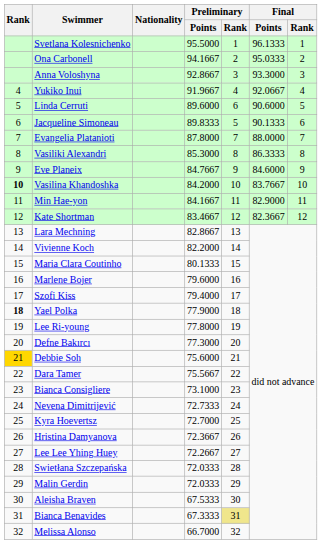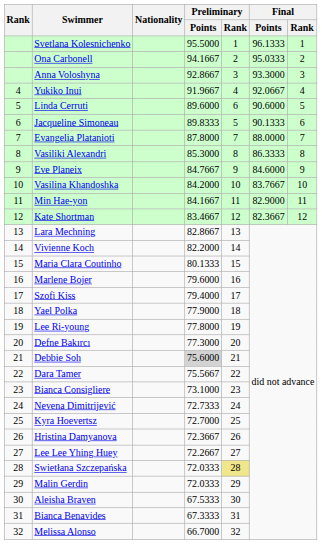 <table class="wikitable sortable" style="text-align:center">
 <tr>
 <th rowspan=2>Rank</th>
 <th rowspan=2>Swimmer</th>
 <th rowspan=2>Nationality</th>
 <th colspan=2>Preliminary</th>
 <th colspan=2>Final</th>
 </tr>
 <tr>
 <th>Points</th>
 <th>Rank</th>
 <th>Points</th>
 <th>Rank</th>
 </tr>
 <tr bgcolor=ccffcc>
 <td></td>
 <td align=left><a href='#'>Svetlana Kolesnichenko</a></td>
 <td align=left></td>
 <td>95.5000</td>
 <td>1</td>
 <td>96.1333</td>
 <td>1</td>
 </tr>
 <tr bgcolor=ccffcc>
 <td></td>
 <td align=left><a href='#'>Ona Carbonell</a></td>
 <td align=left></td>
 <td>94.1667</td>
 <td>2</td>
 <td>95.0333</td>
 <td>2</td>
 </tr>
 <tr bgcolor=ccffcc>
 <td></td>
 <td align=left><a href='#'>Anna Voloshyna</a></td>
 <td align=left></td>
 <td>92.8667</td>
 <td>3</td>
 <td>93.3000</td>
 <td>3</td>
 </tr>
 <tr bgcolor=ccffcc>
 <td>4</td>
 <td align=left><a href='#'>Yukiko Inui</a></td>
 <td align=left></td>
 <td>91.9667</td>
 <td>4</td>
 <td>92.0667</td>
 <td>4</td>
 </tr>
 <tr bgcolor=ccffcc>
 <td>5</td>
 <td align=left><a href='#'>Linda Cerruti</a></td>
 <td align=left></td>
 <td>89.6000</td>
 <td>6</td>
 <td>90.6000</td>
 <td>5</td>
 </tr>
 <tr bgcolor=ccffcc>
 <td>6</td>
 <td align=left><a href='#'>Jacqueline Simoneau</a></td>
 <td align=left></td>
 <td>89.8333</td>
 <td>5</td>
 <td>90.1333</td>
 <td>6</td>
 </tr>
 <tr bgcolor=ccffcc>
 <td>7</td>
 <td align=left><a href='#'>Evangelia Platanioti</a></td>
 <td align=left></td>
 <td>87.8000</td>
 <td>7</td>
 <td>88.0000</td>
 <td>7</td>
 </tr>
 <tr bgcolor=ccffcc>
 <td>8</td>
 <td align=left><a href='#'>Vasiliki Alexandri</a></td>
 <td align=left></td>
 <td>85.3000</td>
 <td>8</td>
 <td>86.3333</td>
 <td>8</td>
 </tr>
 <tr bgcolor=ccffcc>
 <td>9</td>
 <td align=left><a href='#'>Eve Planeix</a></td>
 <td align=left></td>
 <td>84.7667</td>
 <td>9</td>
 <td>84.6000</td>
 <td>9</td>
 </tr>
 <tr bgcolor=ccffcc>
-<td><strong>10</strong></td>
+<td>10</td>
 <td align=left><a href='#'>Vasilina Khandoshka</a></td>
 <td align=left></td>
 <td>84.2000</td>
 <td>10</td>
 <td>83.7667</td>
 <td>10</td>
 </tr>
 <tr bgcolor=ccffcc>
 <td>11</td>
 <td align=left><a href='#'>Min Hae-yon</a></td>
 <td align=left></td>
 <td>84.1667</td>
 <td>11</td>
 <td>82.9000</td>
 <td>11</td>
 </tr>
 <tr bgcolor=ccffcc>
 <td>12</td>
 <td align=left><a href='#'>Kate Shortman</a></td>
 <td align=left></td>
 <td>83.4667</td>
 <td>12</td>
 <td>82.3667</td>
 <td>12</td>
 </tr>
 <tr>
 <td>13</td>
 <td align=left><a href='#'>Lara Mechning</a></td>
 <td align=left></td>
 <td>82.8667</td>
 <td>13</td>
 <td rowspan=20 colspan=2>did not advance</td>
 </tr>
 <tr>
 <td>14</td>
 <td align=left><a href='#'>Vivienne Koch</a></td>
 <td align=left></td>
 <td>82.2000</td>
 <td>14</td>
 </tr>
 <tr>
 <td>15</td>
 <td align=left><a href='#'>Maria Clara Coutinho</a></td>
 <td align=left></td>
 <td>80.1333</td>
 <td>15</td>
 </tr>
 <tr>
 <td>16</td>
 <td align=left><a href='#'>Marlene Bojer</a></td>
 <td align=left></td>
 <td>79.6000</td>
 <td>16</td>
 </tr>
 <tr>
 <td>17</td>
 <td align=left><a href='#'>Szofi Kiss</a></td>
 <td align=left></td>
 <td>79.4000</td>
 <td>17</td>
 </tr>
 <tr>
-<td><strong>18</strong></td>
+<td>18</td>
 <td align=left><a href='#'>Yael Polka</a></td>
 <td align=left></td>
 <td>77.9000</td>
 <td>18</td>
 </tr>
 <tr>
 <td>19</td>
 <td align=left><a href='#'>Lee Ri-young</a></td>
 <td align=left></td>
 <td>77.8000</td>
 <td>19</td>
 </tr>
 <tr>
 <td>20</td>
 <td align=left><a href='#'>Defne Bakırcı</a></td>
 <td align=left></td>
 <td>77.3000</td>
 <td>20</td>
 </tr>
 <tr>
-<td style="background: gold;">21</td>
+<td>21</td>
 <td align=left><a href='#'>Debbie Soh</a></td>
 <td align=left></td>
-<td>75.6000</td>
+<td style="background: lightgrey;">75.6000</td>
 <td>21</td>
 </tr>
 <tr>
 <td>22</td>
 <td align=left><a href='#'>Dara Tamer</a></td>
 <td align=left></td>
 <td>75.5667</td>
 <td>22</td>
 </tr>
 <tr>
 <td>23</td>
 <td align=left><a href='#'>Bianca Consigliere</a></td>
 <td align=left></td>
 <td>73.1000</td>
 <td>23</td>
 </tr>
 <tr>
 <td>24</td>
 <td align=left><a href='#'>Nevena Dimitrijević</a></td>
 <td align=left></td>
 <td>72.7333</td>
 <td>24</td>
 </tr>
 <tr>
 <td>25</td>
 <td align=left><a href='#'>Kyra Hoevertsz</a></td>
 <td align=left></td>
 <td>72.7000</td>
 <td>25</td>
 </tr>
 <tr>
 <td>26</td>
 <td align=left><a href='#'>Hristina Damyanova</a></td>
 <td align=left></td>
 <td>72.3667</td>
 <td>26</td>
 </tr>
 <tr>
 <td>27</td>
 <td align=left><a href='#'>Lee Lee Yhing Huey</a></td>
 <td align=left></td>
 <td>72.2667</td>
 <td>27</td>
 </tr>
 <tr>
 <td>28</td>
 <td align=left><a href='#'>Swietłana Szczepańska</a></td>
 <td align=left></td>
 <td>72.0333</td>
-<td>28</td>
+<td style="background: khaki;">28</td>
 </tr>
 <tr>
 <td>29</td>
 <td align=left><a href='#'>Malin Gerdin</a></td>
 <td align=left></td>
 <td>72.0333</td>
 <td>29</td>
 </tr>
 <tr>
 <td>30</td>
 <td align=left><a href='#'>Aleisha Braven</a></td>
 <td align=left></td>
 <td>67.5333</td>
 <td>30</td>
 </tr>
 <tr>
 <td>31</td>
 <td align=left><a href='#'>Bianca Benavides</a></td>
 <td align=left></td>
 <td>67.3333</td>
-<td style="background: khaki;">31</td>
+<td>31</td>
 </tr>
 <tr>
 <td>32</td>
 <td align=left><a href='#'>Melissa Alonso</a></td>
 <td align=left></td>
 <td>66.7000</td>
 <td>32</td>
 </tr>
 </table>
